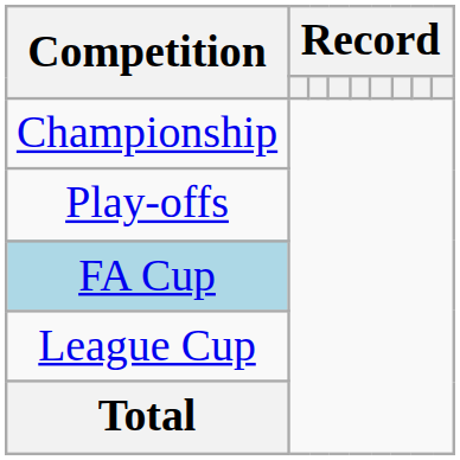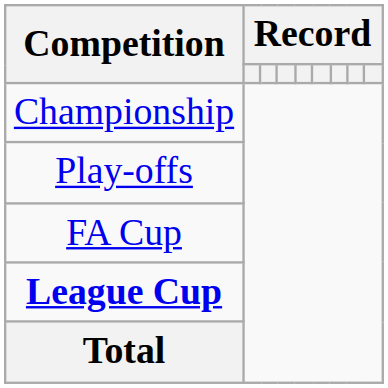 <table class="wikitable" style="text-align: center">
 <tr>
 <th rowspan=2>Competition</th>
 <th colspan=8>Record</th>
 </tr>
 <tr>
 <th></th>
 <th></th>
 <th></th>
 <th></th>
 <th></th>
 <th></th>
 <th></th>
 <th></th>
 </tr>
 <tr>
 <td><a href='#'>Championship</a><br></td>
 </tr>
 <tr>
 <td><a href='#'>Play-offs</a><br></td>
 </tr>
 <tr>
-<td style="background: lightblue;"><a href='#'>FA Cup</a><br></td>
+<td><a href='#'>FA Cup</a><br></td>
 </tr>
 <tr>
-<td><a href='#'>League Cup</a><br></td>
+<td><strong><a href='#'>League Cup</a><br></strong></td>
 </tr>
 <tr>
 <th>Total<br></th>
 </tr>
 </table>
